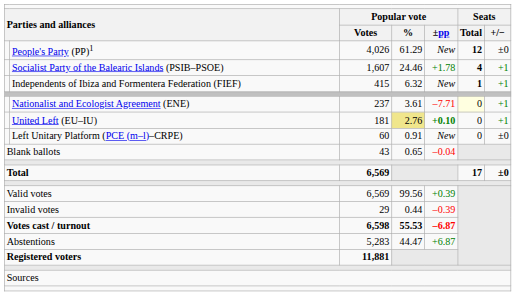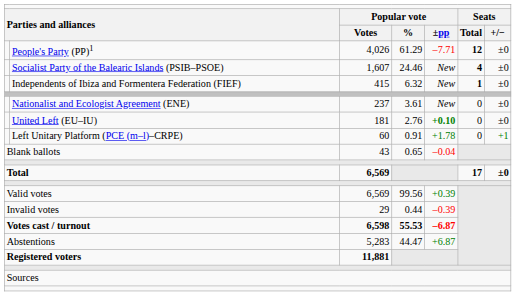 <table class="wikitable" style="text-align:right;">
 <tr>
 <td colspan="7"></td>
 </tr>
 <tr>
 <th style="text-align:left;" rowspan="2" colspan="2" width="525">Parties and alliances</th>
 <th colspan="3">Popular vote</th>
 <th colspan="2">Seats</th>
 </tr>
 <tr>
 <th width="75">Votes</th>
 <th width="45">%</th>
 <th width="45">±<a href='#'>pp</a></th>
 <th width="35">Total</th>
 <th width="35">+/−</th>
 </tr>
 <tr>
 <td width="1" style="color:inherit;background:"></td>
 <td align="left"><a href='#'>People's Party</a> (PP)<sup>1</sup></td>
 <td>4,026</td>
 <td>61.29</td>
-<td><em>New</em></td>
+<td style="color:red;">–7.71</td>
 <td><strong>12</strong></td>
 <td>±0</td>
 </tr>
 <tr>
 <td style="color:inherit;background:"></td>
 <td align="left"><a href='#'>Socialist Party of the Balearic Islands</a> (PSIB–PSOE)</td>
 <td>1,607</td>
 <td>24.46</td>
-<td style="color:green;">+1.78</td>
+<td><em>New</em></td>
 <td><strong>4</strong></td>
-<td style="color:green;">+1</td>
+<td>±0</td>
 </tr>
 <tr>
 <td style="color:inherit;background:"></td>
 <td align="left">Independents of Ibiza and Formentera Federation (FIEF)</td>
 <td>415</td>
 <td>6.32</td>
 <td><em>New</em></td>
 <td><strong>1</strong></td>
-<td style="color:green;">+1</td>
+<td>±0</td>
 </tr>
 <tr>
 <td colspan="7" bgcolor="#C0C0C0"></td>
 </tr>
 <tr>
 <td style="color:inherit;background:"></td>
 <td align="left"><a href='#'>Nationalist and Ecologist Agreement</a> (ENE)</td>
 <td>237</td>
 <td>3.61</td>
-<td style="color:red;">–7.71</td>
-<td style="background: lightyellow;">0</td>
-<td style="color:green;">+1</td>
+<td><em>New</em></td>
+<td>0</td>
+<td>±0</td>
 </tr>
 <tr>
 <td style="color:inherit;background:"></td>
 <td align="left"><a href='#'>United Left</a> (EU–IU)</td>
 <td>181</td>
-<td style="background: khaki;">2.76</td>
+<td>2.76</td>
 <td style="color:green;"><strong>+0.10</strong></td>
 <td>0</td>
-<td style="color:green;">+1</td>
+<td>±0</td>
 </tr>
 <tr>
 <td bgcolor=></td>
 <td align="left">Left Unitary Platform (<a href='#'>PCE (m–l)</a>–CRPE)</td>
 <td>60</td>
 <td>0.91</td>
-<td><em>New</em></td>
+<td style="color:green;">+1.78</td>
 <td>0</td>
-<td>±0</td>
+<td style="color:green;">+1</td>
 </tr>
 <tr>
 <td align="left" colspan="2">Blank ballots</td>
 <td>43</td>
 <td>0.65</td>
 <td style="color:red;">–0.04</td>
 <td bgcolor="#E9E9E9" colspan="2"></td>
 </tr>
 <tr>
 <td colspan="7" bgcolor="#E9E9E9"></td>
 </tr>
 <tr style="font-weight:bold;">
 <td align="left" colspan="2">Total</td>
 <td>6,569</td>
 <td bgcolor="#E9E9E9" colspan="2"></td>
 <td>17</td>
 <td>±0</td>
 </tr>
 <tr>
 <td colspan="7" bgcolor="#E9E9E9"></td>
 </tr>
 <tr>
 <td align="left" colspan="2">Valid votes</td>
 <td>6,569</td>
 <td>99.56</td>
 <td style="color:green;">+0.39</td>
 <td bgcolor="#E9E9E9" colspan="2" rowspan="5"></td>
 </tr>
 <tr>
 <td align="left" colspan="2">Invalid votes</td>
 <td>29</td>
 <td>0.44</td>
 <td style="color:red;">–0.39</td>
 </tr>
 <tr style="font-weight:bold;">
 <td align="left" colspan="2">Votes cast / turnout</td>
 <td>6,598</td>
 <td>55.53</td>
 <td style="color:red;">–6.87</td>
 </tr>
 <tr>
 <td align="left" colspan="2">Abstentions</td>
 <td>5,283</td>
 <td>44.47</td>
 <td style="color:green;">+6.87</td>
 </tr>
 <tr style="font-weight:bold;">
 <td align="left" colspan="2">Registered voters</td>
 <td>11,881</td>
 <td bgcolor="#E9E9E9" colspan="2"></td>
 </tr>
 <tr>
 <td colspan="7" bgcolor="#E9E9E9"></td>
 </tr>
 <tr>
 <td align="left" colspan="7">Sources</td>
 </tr>
 <tr>
 <td colspan="7" style="text-align:left; max-width:790px;"></td>
 </tr>
 </table>
